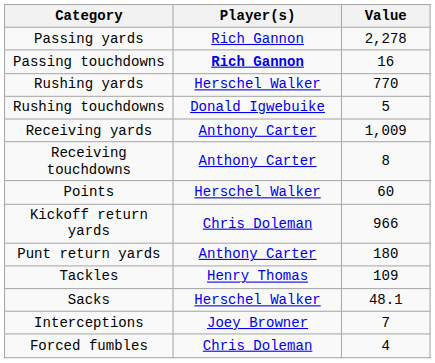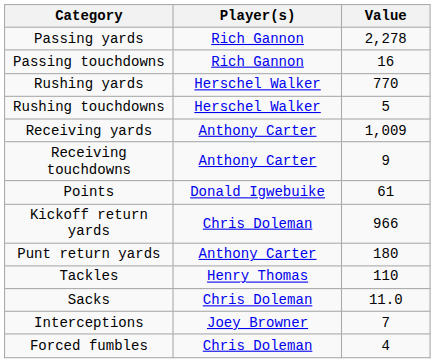 <table class="wikitable" style="text-align:center">
 <tr>
 <th width=150px>Category</th>
 <th width=150px>Player(s)</th>
 <th width=75px>Value</th>
 </tr>
 <tr>
 <td>Passing yards</td>
 <td><a href='#'>Rich Gannon</a></td>
 <td>2,278</td>
 </tr>
 <tr>
 <td>Passing touchdowns</td>
-<td><strong><a href='#'>Rich Gannon</a></strong></td>
+<td><a href='#'>Rich Gannon</a></td>
 <td>16</td>
 </tr>
 <tr>
 <td>Rushing yards</td>
 <td><a href='#'>Herschel Walker</a></td>
 <td>770</td>
 </tr>
 <tr>
 <td>Rushing touchdowns</td>
-<td><a href='#'>Donald Igwebuike</a></td>
+<td><a href='#'>Herschel Walker</a></td>
 <td>5</td>
 </tr>
 <tr>
 <td>Receiving yards</td>
 <td><a href='#'>Anthony Carter</a></td>
 <td>1,009</td>
 </tr>
 <tr>
 <td>Receiving touchdowns</td>
 <td><a href='#'>Anthony Carter</a></td>
-<td>8</td>
+<td>9</td>
 </tr>
 <tr>
 <td>Points</td>
-<td><a href='#'>Herschel Walker</a></td>
-<td>60</td>
+<td><a href='#'>Donald Igwebuike</a></td>
+<td>61</td>
 </tr>
 <tr>
 <td>Kickoff return yards</td>
 <td><a href='#'>Chris Doleman</a></td>
 <td>966</td>
 </tr>
 <tr>
 <td>Punt return yards</td>
 <td><a href='#'>Anthony Carter</a></td>
 <td>180</td>
 </tr>
 <tr>
 <td>Tackles</td>
 <td><a href='#'>Henry Thomas</a></td>
-<td>109</td>
+<td>110</td>
 </tr>
 <tr>
 <td>Sacks</td>
-<td><a href='#'>Herschel Walker</a></td>
-<td>48.1</td>
+<td><a href='#'>Chris Doleman</a></td>
+<td>11.0</td>
 </tr>
 <tr>
 <td>Interceptions</td>
 <td><a href='#'>Joey Browner</a></td>
 <td>7</td>
 </tr>
 <tr>
 <td>Forced fumbles</td>
 <td><a href='#'>Chris Doleman</a></td>
 <td>4</td>
 </tr>
 </table>
